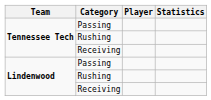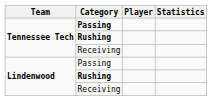 <table class="wikitable" style="float: right;">
 <tr>
 <th>Team</th>
 <th>Category</th>
 <th>Player</th>
 <th>Statistics</th>
 </tr>
 <tr>
 <td rowspan=3><strong>Tennessee Tech</strong></td>
-<td>Passing</td>
+<td><strong>Passing</strong></td>
 <td></td>
 <td></td>
 </tr>
 <tr>
-<td>Rushing</td>
+<td><strong>Rushing</strong></td>
 <td></td>
 <td></td>
 </tr>
 <tr>
 <td>Receiving</td>
 <td></td>
 <td></td>
 </tr>
 <tr>
 <td rowspan=3><strong>Lindenwood</strong></td>
 <td>Passing</td>
 <td></td>
 <td></td>
 </tr>
 <tr>
-<td>Rushing</td>
+<td><strong>Rushing</strong></td>
 <td></td>
 <td></td>
 </tr>
 <tr>
 <td>Receiving</td>
 <td></td>
 <td></td>
 </tr>
 </table>
